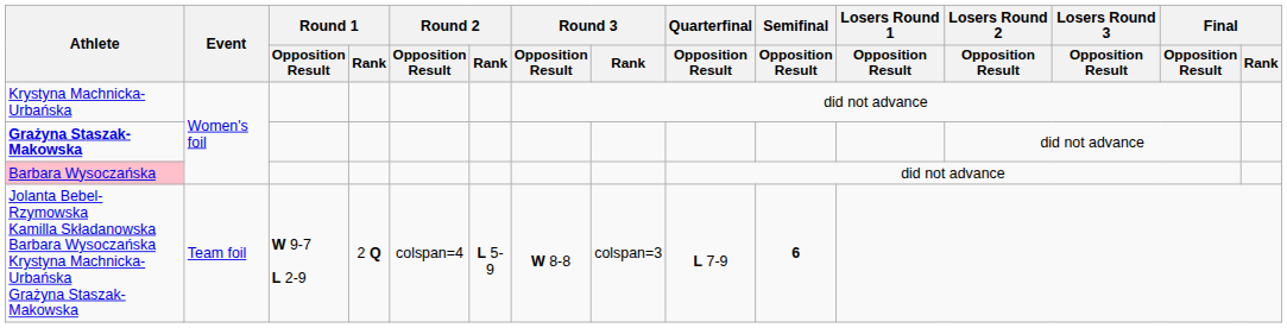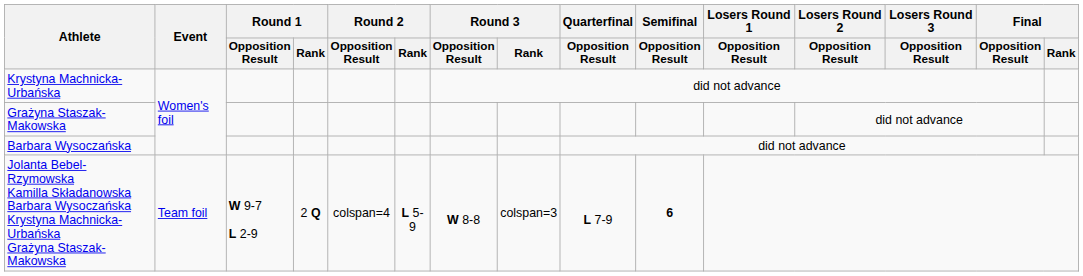 <table class="wikitable" style="font-size:90%;">
 <tr>
 <th rowspan="2">Athlete</th>
 <th rowspan="2">Event</th>
 <th colspan="2">Round 1</th>
 <th colspan="2">Round 2</th>
 <th colspan="2">Round 3</th>
 <th colspan="1">Quarterfinal</th>
 <th colspan="1">Semifinal</th>
 <th colspan="1">Losers Round 1</th>
 <th colspan="1">Losers Round 2</th>
 <th colspan="1">Losers Round 3</th>
 <th colspan=2>Final</th>
 </tr>
 <tr style="font-size:95%">
 <th>Opposition<br>Result</th>
 <th>Rank</th>
 <th>Opposition<br>Result</th>
 <th>Rank</th>
 <th>Opposition<br>Result</th>
 <th>Rank</th>
 <th>Opposition<br>Result</th>
 <th>Opposition<br>Result</th>
 <th>Opposition<br>Result</th>
 <th>Opposition<br>Result</th>
 <th>Opposition<br>Result</th>
 <th>Opposition<br>Result</th>
 <th>Rank</th>
 </tr>
 <tr align=center>
 <td align=left><a href='#'>Krystyna Machnicka-Urbańska</a></td>
 <td align=left rowspan=3><a href='#'>Women's foil</a></td>
 <td></td>
 <td></td>
 <td></td>
 <td></td>
 <td colspan=8>did not advance</td>
 <td></td>
 </tr>
 <tr align=center>
-<td align=left><strong><a href='#'>Grażyna Staszak-Makowska</a></strong></td>
+<td align=left><a href='#'>Grażyna Staszak-Makowska</a></td>
 <td></td>
 <td></td>
 <td></td>
 <td></td>
 <td></td>
 <td></td>
 <td></td>
 <td></td>
 <td></td>
 <td colspan=3>did not advance</td>
 <td></td>
 </tr>
 <tr align=center>
-<td align=left style="background: pink;"><a href='#'>Barbara Wysoczańska</a></td>
+<td align=left><a href='#'>Barbara Wysoczańska</a></td>
 <td></td>
 <td></td>
 <td></td>
 <td></td>
 <td></td>
 <td></td>
 <td colspan=6>did not advance</td>
 <td></td>
 </tr>
 <tr align=center>
 <td align=left><a href='#'>Jolanta Bebel-Rzymowska</a><br><a href='#'>Kamilla Składanowska</a><br><a href='#'>Barbara Wysoczańska</a><br><a href='#'>Krystyna Machnicka-Urbańska</a><br><a href='#'>Grażyna Staszak-Makowska</a></td>
 <td align=left><a href='#'>Team foil</a></td>
 <td align=left><br> <strong>W</strong> 9-7<br><br> <strong>L</strong> 2-9</td>
 <td>2 <strong>Q</strong></td>
 <td>colspan=4 </td>
 <td><br> <strong>L</strong> 5-9</td>
 <td><br> <strong>W</strong> 8-8</td>
 <td>colspan=3 </td>
 <td><br> <strong>L</strong> 7-9</td>
 <td><strong>6</strong></td>
 </tr>
 </table>
